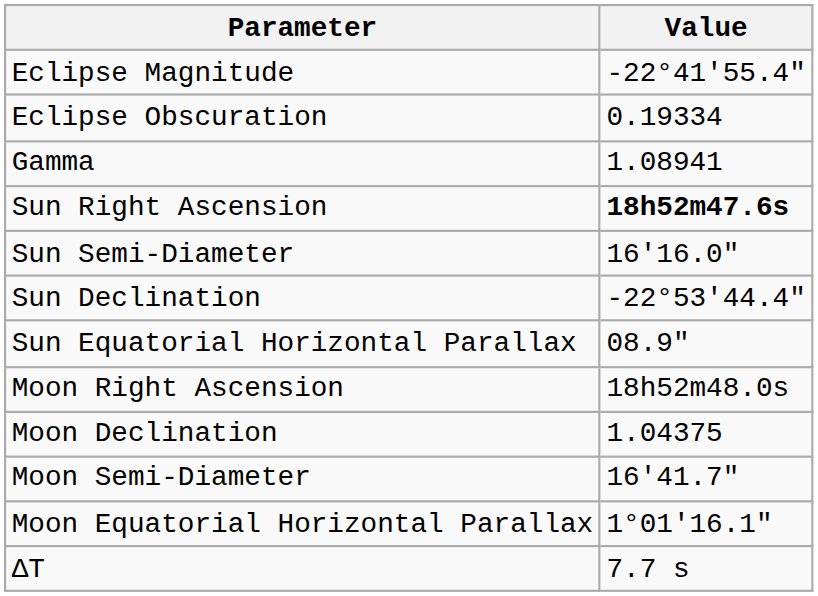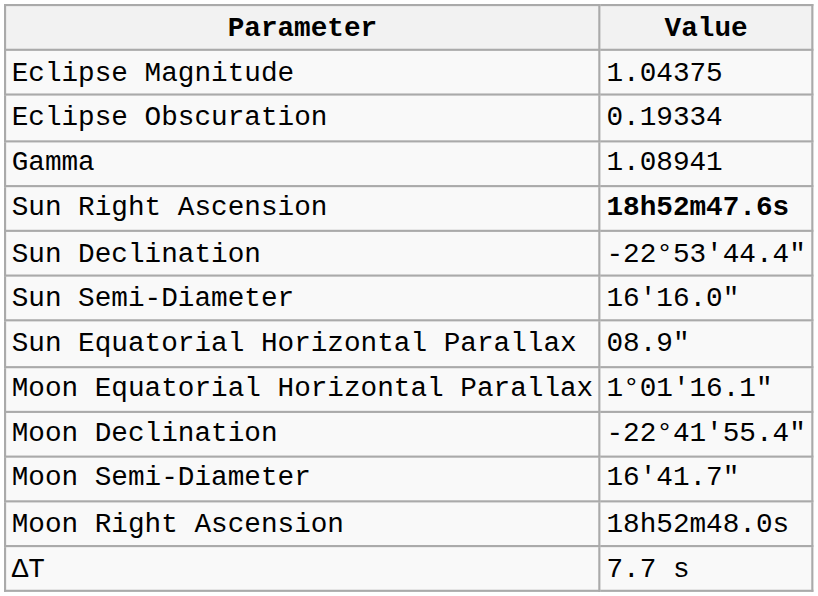 <table class="wikitable">
 <tr>
 <th>Parameter</th>
 <th>Value</th>
 </tr>
 <tr>
 <td>Eclipse Magnitude</td>
-<td>-22°41'55.4"</td>
+<td>1.04375</td>
 </tr>
 <tr>
 <td>Eclipse Obscuration</td>
 <td>0.19334</td>
 </tr>
 <tr>
 <td>Gamma</td>
 <td>1.08941</td>
 </tr>
 <tr>
 <td>Sun Right Ascension</td>
 <td><strong>18h52m47.6s</strong></td>
 </tr>
 <tr>
+<td>Sun Declination</td>
+<td>-22°53'44.4"</td>
+</tr>
+<tr>
 <td>Sun Semi-Diameter</td>
 <td>16'16.0"</td>
-</tr>
-<tr>
-<td>Sun Declination</td>
-<td>-22°53'44.4"</td>
 </tr>
 <tr>
 <td>Sun Equatorial Horizontal Parallax</td>
 <td>08.9"</td>
 </tr>
 <tr>
-<td>Moon Right Ascension</td>
-<td>18h52m48.0s</td>
+<td>Moon Equatorial Horizontal Parallax</td>
+<td>1°01'16.1"</td>
 </tr>
 <tr>
 <td>Moon Declination</td>
-<td>1.04375</td>
+<td>-22°41'55.4"</td>
 </tr>
 <tr>
 <td>Moon Semi-Diameter</td>
 <td>16'41.7"</td>
 </tr>
 <tr>
-<td>Moon Equatorial Horizontal Parallax</td>
-<td>1°01'16.1"</td>
+<td>Moon Right Ascension</td>
+<td>18h52m48.0s</td>
 </tr>
 <tr>
 <td>ΔT</td>
 <td>7.7 s</td>
 </tr>
 </table>
